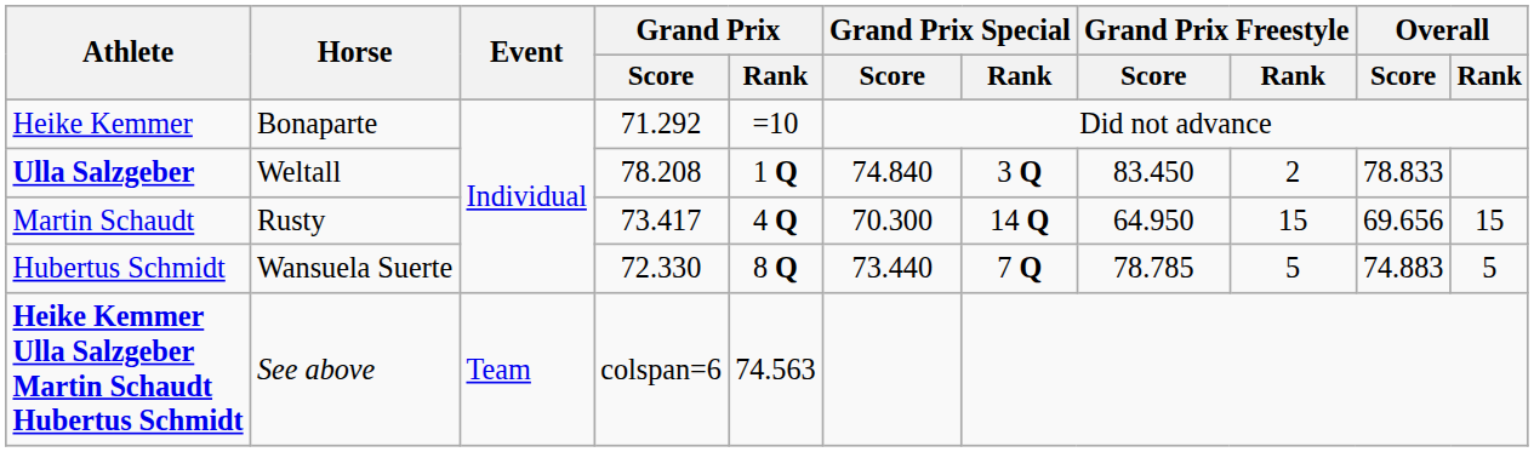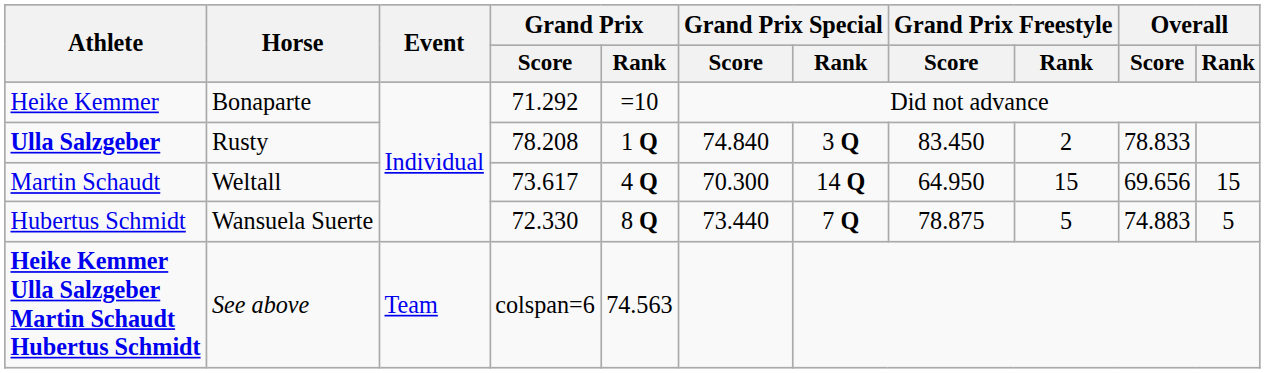 <table class=wikitable style="font-size:90%">
 <tr>
 <th rowspan="2">Athlete</th>
 <th rowspan="2">Horse</th>
 <th rowspan="2">Event</th>
 <th colspan="2">Grand Prix</th>
 <th colspan="2">Grand Prix Special</th>
 <th colspan="2">Grand Prix Freestyle</th>
 <th colspan="2">Overall</th>
 </tr>
 <tr style="font-size:95%">
 <th>Score</th>
 <th>Rank</th>
 <th>Score</th>
 <th>Rank</th>
 <th>Score</th>
 <th>Rank</th>
 <th>Score</th>
 <th>Rank</th>
 </tr>
 <tr align=center>
 <td align=left><a href='#'>Heike Kemmer</a></td>
 <td align=left>Bonaparte</td>
 <td align=left rowspan=4><a href='#'>Individual</a></td>
 <td>71.292</td>
 <td>=10</td>
 <td colspan=6>Did not advance</td>
 </tr>
 <tr align=center>
 <td align=left><strong><a href='#'>Ulla Salzgeber</a></strong></td>
-<td align=left>Weltall</td>
+<td align=left>Rusty</td>
 <td>78.208</td>
 <td>1 <strong>Q</strong></td>
 <td>74.840</td>
 <td>3 <strong>Q</strong></td>
 <td>83.450</td>
 <td>2</td>
 <td>78.833</td>
 <td></td>
 </tr>
 <tr align=center>
 <td align=left><a href='#'>Martin Schaudt</a></td>
-<td align=left>Rusty</td>
-<td>73.417</td>
+<td align=left>Weltall</td>
+<td>73.617</td>
 <td>4 <strong>Q</strong></td>
 <td>70.300</td>
 <td>14 <strong>Q</strong></td>
 <td>64.950</td>
 <td>15</td>
 <td>69.656</td>
 <td>15</td>
 </tr>
 <tr align=center>
 <td align=left><a href='#'>Hubertus Schmidt</a></td>
 <td align=left>Wansuela Suerte</td>
 <td>72.330</td>
 <td>8 <strong>Q</strong></td>
 <td>73.440</td>
 <td>7 <strong>Q</strong></td>
-<td>78.785</td>
+<td>78.875</td>
 <td>5</td>
 <td>74.883</td>
 <td>5</td>
 </tr>
 <tr align=center>
 <td align=left><strong><a href='#'>Heike Kemmer</a><br><a href='#'>Ulla Salzgeber</a><br><a href='#'>Martin Schaudt</a><br><a href='#'>Hubertus Schmidt</a></strong></td>
 <td align=left><em>See above</em></td>
 <td align=left><a href='#'>Team</a></td>
 <td>colspan=6 </td>
 <td>74.563</td>
 <td></td>
 </tr>
 </table>
